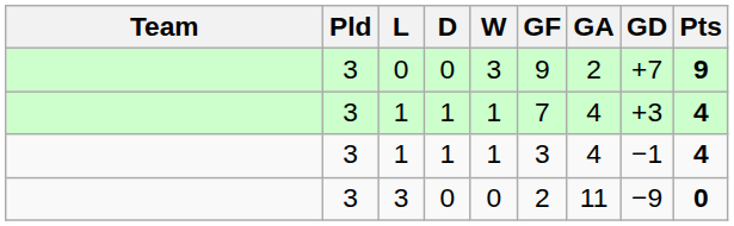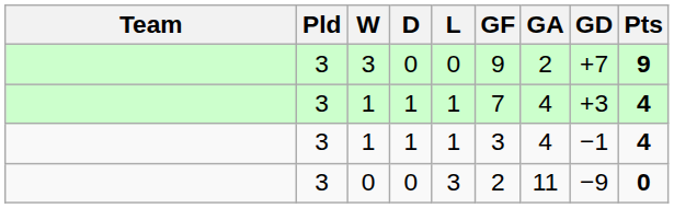 <table class="wikitable" style="text-align:center;">
 <tr>
 <th width=180>Team</th>
 <th width=20>Pld</th>
+<th width=20>W</th>
+<th width=20>D</th>
 <th width=20>L</th>
-<th width=20>D</th>
-<th width=20>W</th>
 <th width=20>GF</th>
 <th width=20>GA</th>
 <th width=21>GD</th>
 <th width=20>Pts</th>
 </tr>
 <tr bgcolor=ccffcc>
 <td align="left"><em></em></td>
 <td>3</td>
+<td>3</td>
 <td>0</td>
 <td>0</td>
-<td>3</td>
 <td>9</td>
 <td>2</td>
 <td>+7</td>
 <td><strong>9</strong></td>
 </tr>
 <tr bgcolor=ccffcc>
 <td align="left"></td>
 <td>3</td>
 <td>1</td>
 <td>1</td>
 <td>1</td>
 <td>7</td>
 <td>4</td>
 <td>+3</td>
 <td><strong>4</strong></td>
 </tr>
 <tr>
 <td align="left"></td>
 <td>3</td>
 <td>1</td>
 <td>1</td>
 <td>1</td>
 <td>3</td>
 <td>4</td>
 <td>−1</td>
 <td><strong>4</strong></td>
 </tr>
 <tr>
 <td align="left"></td>
 <td>3</td>
-<td>3</td>
 <td>0</td>
 <td>0</td>
+<td>3</td>
 <td>2</td>
 <td>11</td>
 <td>−9</td>
 <td><strong>0</strong></td>
 </tr>
 </table>
